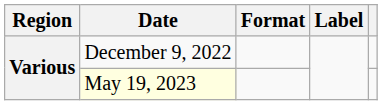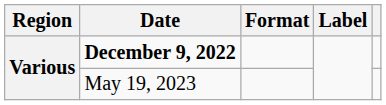 <table class="wikitable plainrowheaders">
 <tr>
 <th scope="col">Region</th>
 <th scope="col">Date</th>
 <th scope="col">Format</th>
 <th scope="col">Label</th>
 <th scope="col"></th>
 </tr>
 <tr>
 <th rowspan="2" scope="row">Various</th>
-<td>December 9, 2022</td>
+<td><strong>December 9, 2022</strong></td>
 <td></td>
 <td rowspan="2"></td>
 <td style="text-align:center;"></td>
 </tr>
 <tr>
-<td style="background: lightyellow;">May 19, 2023</td>
+<td>May 19, 2023</td>
 <td></td>
 <td style="text-align:center;"></td>
 </tr>
 </table>
